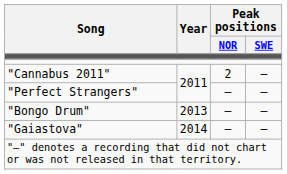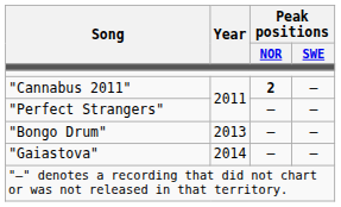 <table class="wikitable">
 <tr>
 <th rowspan="2" style="text-align:center; width:190px;">Song</th>
 <th rowspan="2" style="text-align:center; width:10px;">Year</th>
 <th colspan="2" style="text-align:center; width:20px;">Peak positions</th>
 </tr>
 <tr>
 <th scope="col" style="width:3em;font-size:90%;"><a href='#'>NOR</a><br></th>
 <th scope="col" style="width:3em;font-size:90%;"><a href='#'>SWE</a><br></th>
 </tr>
 <tr>
 <td colspan="4" style="background:#555;"></td>
 </tr>
 <tr>
 <td colspan="4"></td>
 </tr>
 <tr>
 <td>"Cannabus 2011" <br></td>
 <td style="text-align:center;" rowspan="2">2011</td>
-<td style="text-align:center;">2<br></td>
+<td style="text-align:center;"><strong>2<br></strong></td>
 <td style="text-align:center;">—</td>
 </tr>
 <tr>
 <td>"Perfect Strangers" <br></td>
 <td style="text-align:center;">—</td>
 <td style="text-align:center;">—</td>
 </tr>
 <tr>
 <td>"Bongo Drum" <br></td>
 <td style="text-align:center;">2013</td>
 <td style="text-align:center;">—</td>
 <td style="text-align:center;">—</td>
 </tr>
 <tr>
 <td>"Gaiastova" <br></td>
 <td style="text-align:center;">2014</td>
 <td style="text-align:center;">—</td>
 <td style="text-align:center;">—</td>
 </tr>
 <tr>
 <td colspan="5" style="font-size:90%">"—" denotes a recording that did not chart or was not released in that territory.</td>
 </tr>
 </table>
